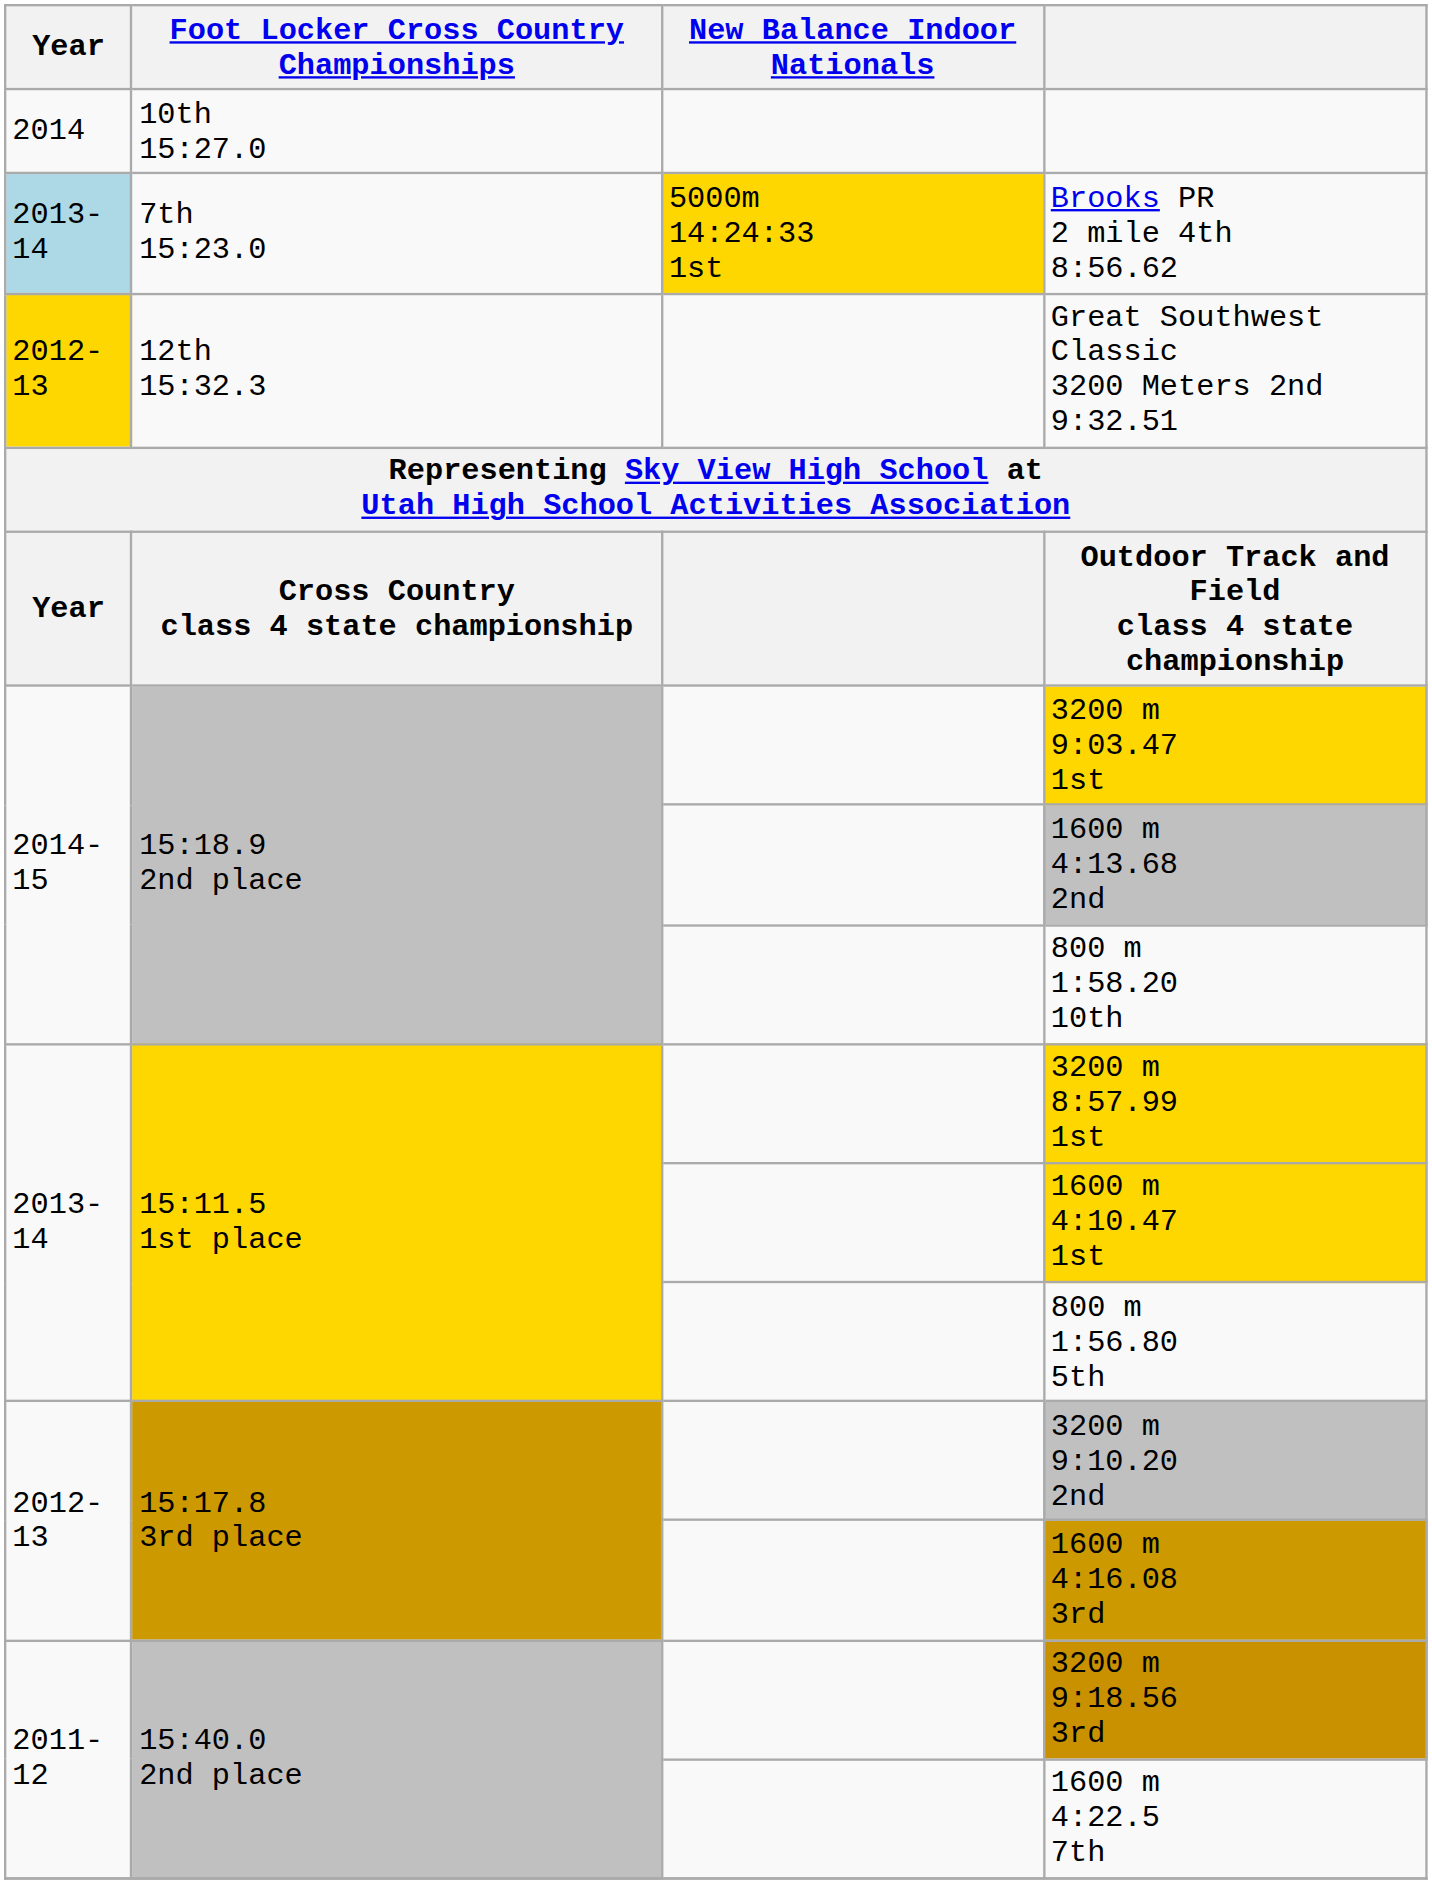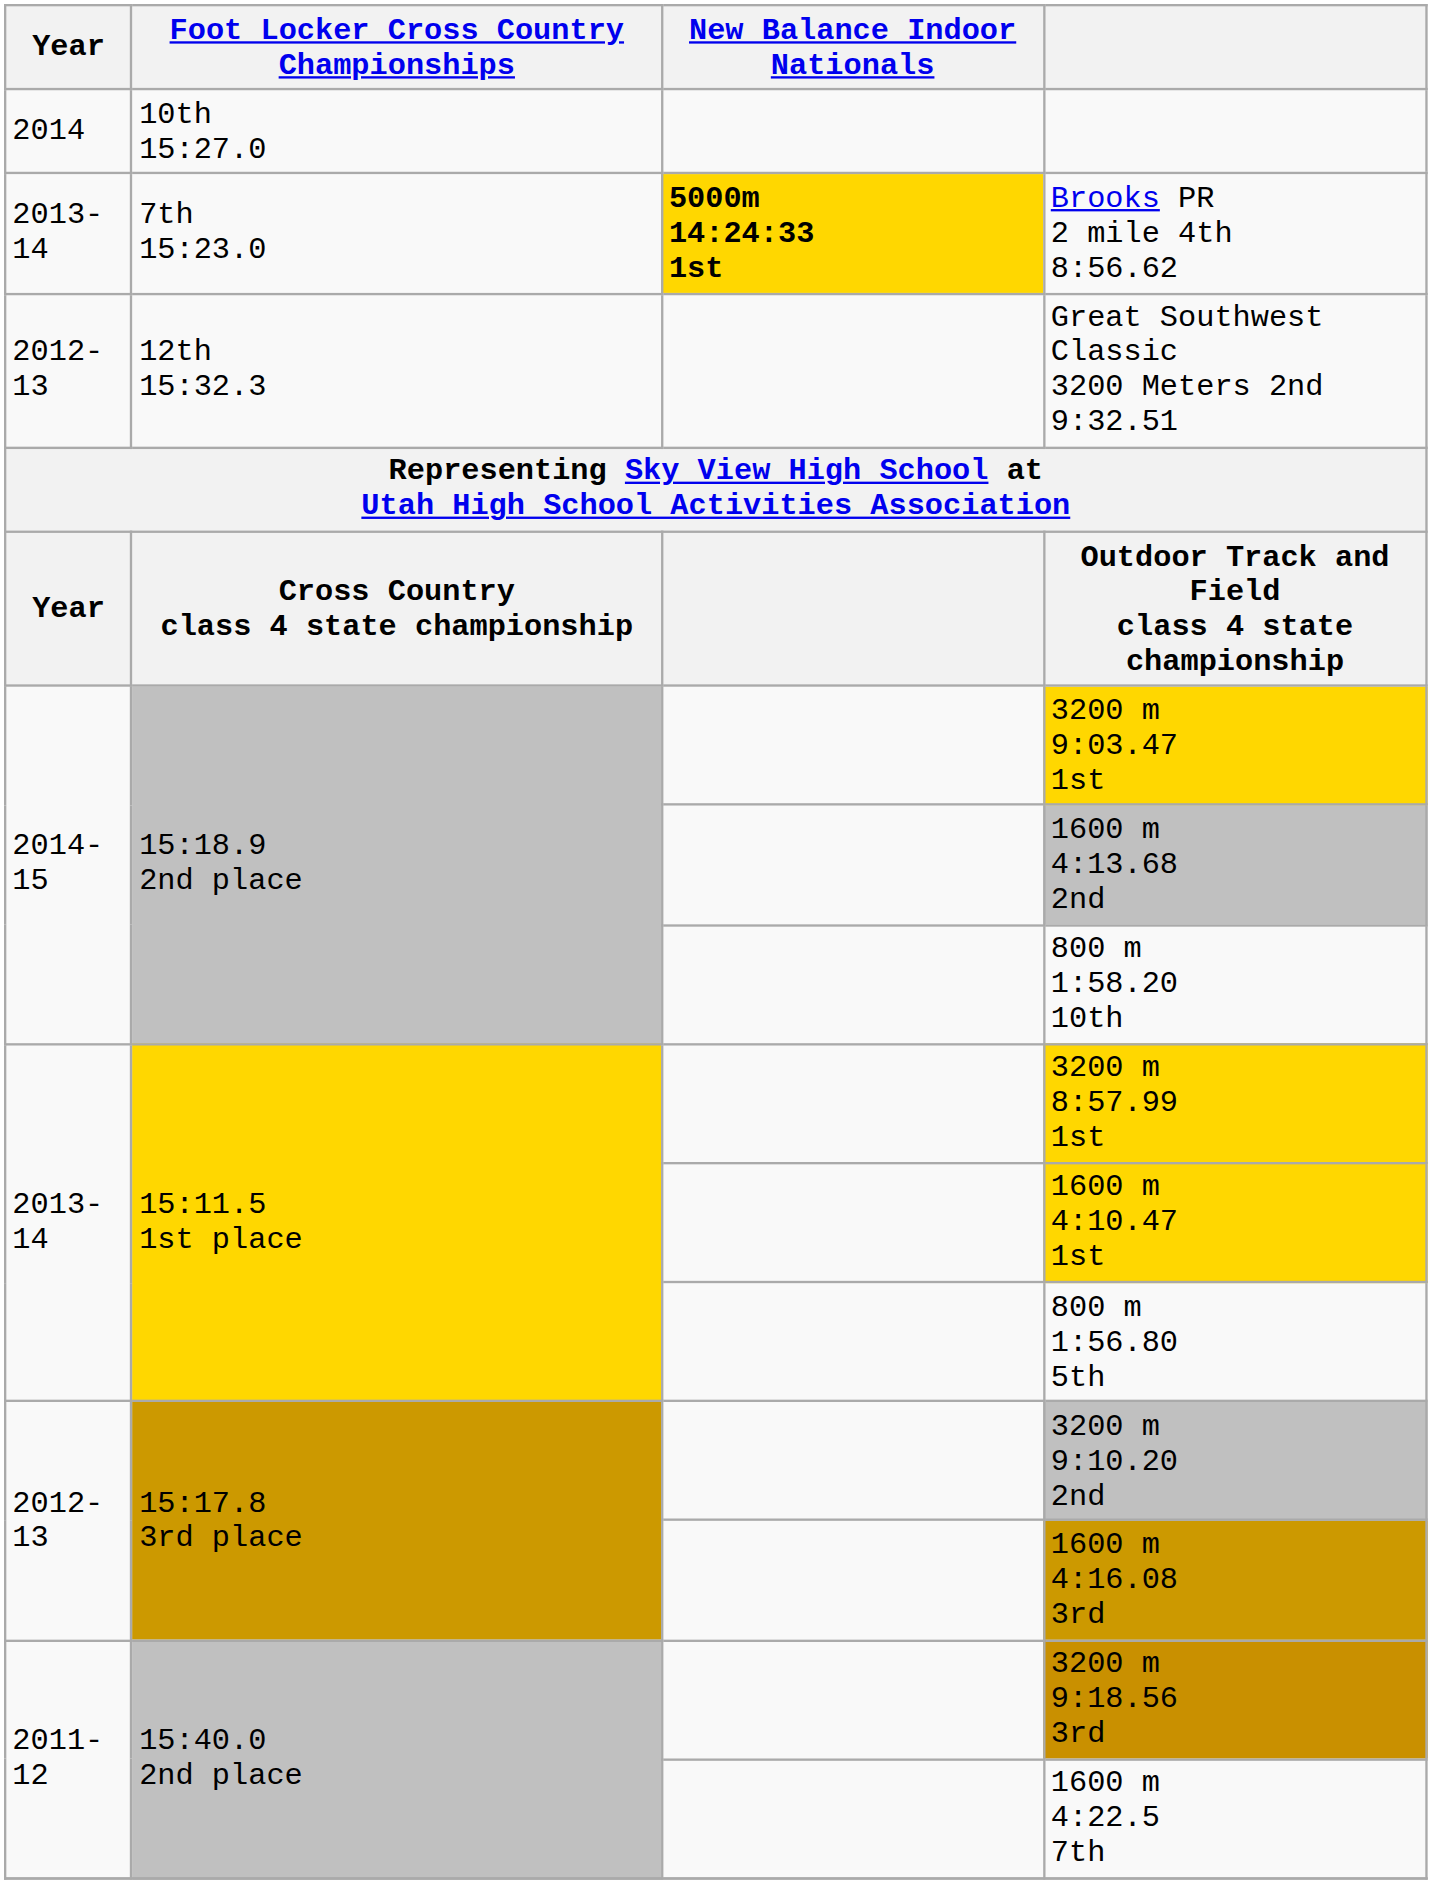 <table class="wikitable sortable">
 <tr>
 <th>Year</th>
 <th><a href='#'>Foot Locker Cross Country Championships</a></th>
 <th><a href='#'>New Balance Indoor Nationals</a></th>
 <th></th>
 </tr>
 <tr>
 <td Rowspan=1>2014</td>
 <td>10th<br>15:27.0</td>
 <td></td>
 </tr>
 <tr>
-<td Rowspan=1 style="background: lightblue;">2013-14</td>
+<td Rowspan=1>2013-14</td>
 <td>7th<br>15:23.0</td>
-<td bgcolor="gold">5000m<br>14:24:33<br>1st</td>
+<td bgcolor="gold"><strong>5000m<br>14:24:33<br>1st</strong></td>
 <td><a href='#'>Brooks</a> PR<br> 2 mile 4th<br>8:56.62</td>
 </tr>
 <tr>
-<td Rowspan=1 style="background: gold;">2012-13</td>
+<td Rowspan=1>2012-13</td>
 <td>12th<br>15:32.3</td>
 <td></td>
 <td>Great Southwest Classic<br>3200 Meters 2nd<br> 9:32.51</td>
 </tr>
 <tr>
 <th colspan="7">Representing <a href='#'>Sky View High School</a> at<br><a href='#'>Utah High School Activities Association</a></th>
 </tr>
 <tr>
 <th>Year</th>
 <th>Cross Country<br>class 4 state championship</th>
 <th></th>
 <th>Outdoor Track and Field<br>class 4 state championship</th>
 </tr>
 <tr>
 <td Rowspan=3>2014-15</td>
 <td Rowspan=3 bgcolor=silver>15:18.9<br>2nd place</td>
 <td></td>
 <td bgcolor=gold>3200 m<br>9:03.47<br>1st</td>
 </tr>
 <tr>
 <td></td>
 <td bgcolor=silver>1600 m<br>4:13.68<br>2nd</td>
 </tr>
 <tr>
 <td></td>
 <td>800 m<br>1:58.20<br>10th</td>
 </tr>
 <tr>
 <td Rowspan=3>2013-14</td>
 <td Rowspan=3 bgcolor=gold>15:11.5<br>1st place</td>
 <td></td>
 <td bgcolor=gold>3200 m<br>8:57.99<br>1st</td>
 </tr>
 <tr>
 <td></td>
 <td bgcolor=gold>1600 m<br>4:10.47<br>1st</td>
 </tr>
 <tr>
 <td></td>
 <td>800 m<br>1:56.80<br>5th</td>
 </tr>
 <tr>
 <td Rowspan=2>2012-13</td>
 <td Rowspan=2 bgcolor=cc9900>15:17.8<br>3rd place</td>
 <td></td>
 <td bgcolor=silver>3200 m<br>9:10.20<br>2nd</td>
 </tr>
 <tr>
 <td></td>
 <td bgcolor=cc9900>1600 m<br>4:16.08<br>3rd</td>
 </tr>
 <tr>
 <td Rowspan=2>2011-12</td>
 <td Rowspan=2 bgcolor=silver>15:40.0<br>2nd place</td>
 <td></td>
 <td bgcolor=c9900>3200 m<br>9:18.56<br>3rd</td>
 </tr>
 <tr>
 <td></td>
 <td>1600 m<br>4:22.5<br>7th</td>
 </tr>
 <tr>
 </tr>
 </table>
